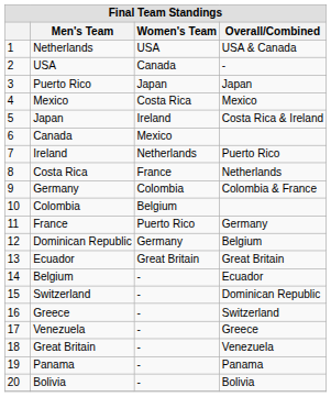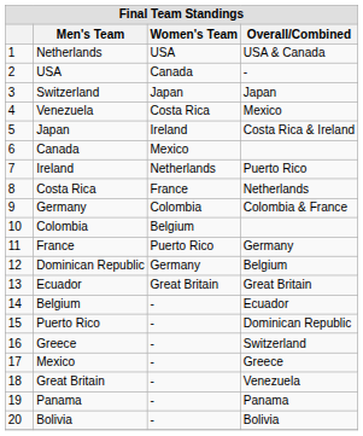 <table class="wikitable">
 <tr align=left style="background:#dfdfdf;">
 <td colspan=4 align="center"><strong>Final Team Standings</strong></td>
 </tr>
 <tr>
 <th width=30></th>
 <th width=>Men's Team</th>
 <th width=>Women's Team</th>
 <th width=>Overall/Combined</th>
 </tr>
 <tr>
 <td align="centre">1</td>
 <td> Netherlands</td>
 <td> USA</td>
 <td> USA &  Canada</td>
 </tr>
 <tr>
 <td align="centre">2</td>
 <td> USA</td>
 <td> Canada</td>
 <td> -</td>
 </tr>
 <tr>
 <td align="centre">3</td>
-<td> Puerto Rico</td>
+<td> Switzerland</td>
 <td> Japan</td>
 <td> Japan</td>
 </tr>
 <tr>
 <td align="centre">4</td>
-<td> Mexico</td>
+<td> Venezuela</td>
 <td> Costa Rica</td>
 <td> Mexico</td>
 </tr>
 <tr>
 <td align="centre">5</td>
 <td> Japan</td>
 <td> Ireland</td>
 <td> Costa Rica &  Ireland</td>
 </tr>
 <tr>
 <td align="centre">6</td>
 <td> Canada</td>
 <td> Mexico</td>
 <td></td>
 </tr>
 <tr>
 <td align="centre">7</td>
 <td> Ireland</td>
 <td> Netherlands</td>
 <td> Puerto Rico</td>
 </tr>
 <tr>
 <td align="centre">8</td>
 <td> Costa Rica</td>
 <td> France</td>
 <td> Netherlands</td>
 </tr>
 <tr>
 <td align="centre">9</td>
 <td> Germany</td>
 <td> Colombia</td>
 <td> Colombia &  France</td>
 </tr>
 <tr>
 <td align="centre">10</td>
 <td> Colombia</td>
 <td> Belgium</td>
 <td></td>
 </tr>
 <tr>
 <td align="centre">11</td>
 <td> France</td>
 <td> Puerto Rico</td>
 <td> Germany</td>
 </tr>
 <tr>
 <td align="centre">12</td>
 <td> Dominican Republic</td>
 <td> Germany</td>
 <td> Belgium</td>
 </tr>
 <tr>
 <td align="centre">13</td>
 <td> Ecuador</td>
 <td> Great Britain</td>
 <td> Great Britain</td>
 </tr>
 <tr>
 <td align="centre">14</td>
 <td> Belgium</td>
 <td> -</td>
 <td> Ecuador</td>
 </tr>
 <tr>
 <td align="centre">15</td>
-<td> Switzerland</td>
+<td> Puerto Rico</td>
 <td> -</td>
 <td> Dominican Republic</td>
 </tr>
 <tr>
 <td align="centre">16</td>
 <td> Greece</td>
 <td> -</td>
 <td> Switzerland</td>
 </tr>
 <tr>
 <td align="centre">17</td>
-<td> Venezuela</td>
+<td> Mexico</td>
 <td> -</td>
 <td> Greece</td>
 </tr>
 <tr>
 <td align="centre">18</td>
 <td> Great Britain</td>
 <td> -</td>
 <td> Venezuela</td>
 </tr>
 <tr>
 <td align="centre">19</td>
 <td> Panama</td>
 <td> -</td>
 <td> Panama</td>
 </tr>
 <tr>
 <td align="centre">20</td>
 <td> Bolivia</td>
 <td> -</td>
 <td> Bolivia</td>
 </tr>
 <tr>
 </tr>
 </table>
